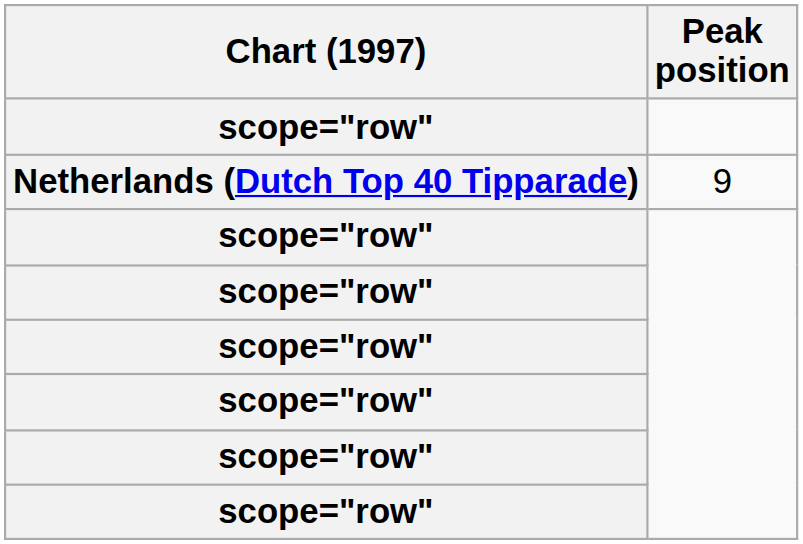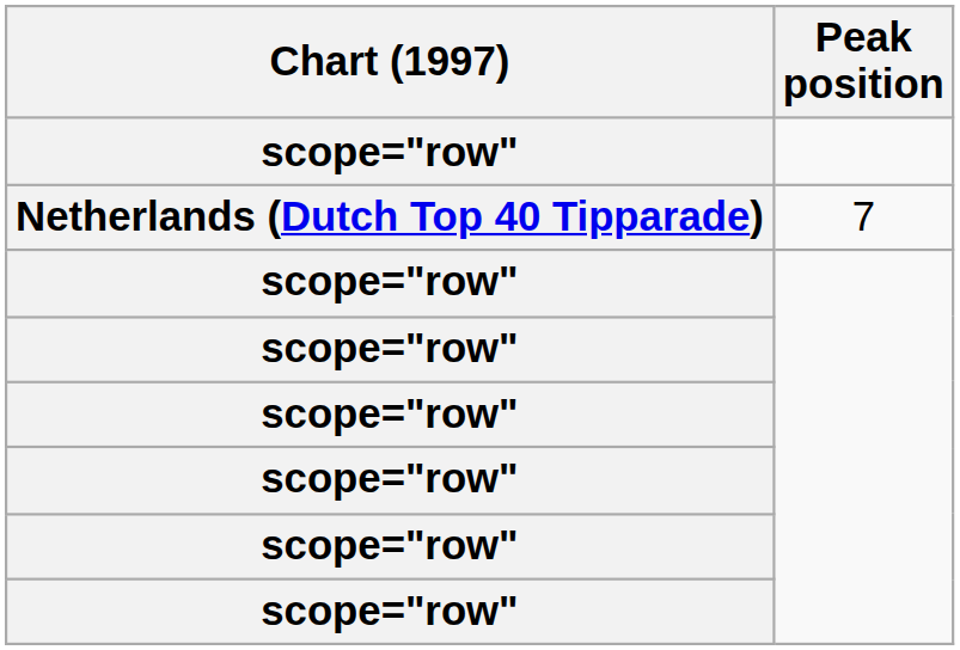 <table class="wikitable sortable plainrowheaders" style="text-align:center">
 <tr>
 <th>Chart (1997)</th>
 <th>Peak<br>position</th>
 </tr>
 <tr>
 <th>scope="row"</th>
 </tr>
 <tr>
 <th scope="row">Netherlands (<a href='#'>Dutch Top 40 Tipparade</a>)</th>
-<td>9</td>
+<td>7</td>
 </tr>
 <tr>
 <th>scope="row"</th>
 </tr>
 <tr>
 <th>scope="row"</th>
 </tr>
 <tr>
 <th>scope="row"</th>
 </tr>
 <tr>
 <th>scope="row"</th>
 </tr>
 <tr>
 <th>scope="row"</th>
 </tr>
 <tr>
 <th>scope="row"</th>
 </tr>
 </table>
